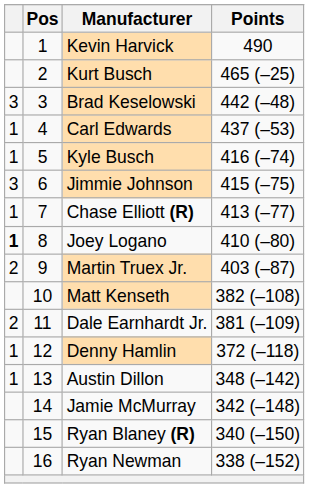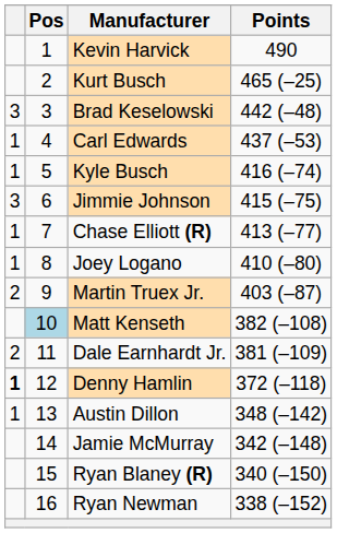 <table class="wikitable" style="font-size:95%">
 <tr>
 </tr>
 <tr>
 <th></th>
 <th>Pos</th>
 <th>Manufacturer</th>
 <th>Points</th>
 </tr>
 <tr>
 <td align="left"></td>
 <td style="text-align:center;">1</td>
 <td style="background:#FFDEAD;">Kevin Harvick</td>
 <td style="text-align:center;">490</td>
 </tr>
 <tr>
 <td align="left"></td>
 <td style="text-align:center;">2</td>
 <td style="background:#FFDEAD;">Kurt Busch</td>
 <td style="text-align:center;">465 (–25)</td>
 </tr>
 <tr>
 <td align="left"> 3</td>
 <td style="text-align:center;">3</td>
 <td style="background:#FFDEAD;">Brad Keselowski</td>
 <td style="text-align:center;">442 (–48)</td>
 </tr>
 <tr>
 <td align="left"> 1</td>
 <td style="text-align:center;">4</td>
 <td style="background:#FFDEAD;">Carl Edwards</td>
 <td style="text-align:center;">437 (–53)</td>
 </tr>
 <tr>
 <td align="left"> 1</td>
 <td style="text-align:center;">5</td>
 <td style="background:#FFDEAD;">Kyle Busch</td>
 <td style="text-align:center;">416 (–74)</td>
 </tr>
 <tr>
 <td align="left"> 3</td>
 <td style="text-align:center;">6</td>
 <td style="background:#FFDEAD;">Jimmie Johnson</td>
 <td style="text-align:center;">415 (–75)</td>
 </tr>
 <tr>
 <td align="left"> 1</td>
 <td style="text-align:center;">7</td>
 <td>Chase Elliott <strong>(R)</strong></td>
 <td style="text-align:center;">413 (–77)</td>
 </tr>
 <tr>
-<td align="left"><strong> 1</strong></td>
+<td align="left"> 1</td>
 <td style="text-align:center;">8</td>
 <td>Joey Logano</td>
 <td style="text-align:center;">410 (–80)</td>
 </tr>
 <tr>
 <td align="left"> 2</td>
 <td style="text-align:center;">9</td>
 <td style="background:#FFDEAD;">Martin Truex Jr.</td>
 <td style="text-align:center;">403 (–87)</td>
 </tr>
 <tr>
 <td align="left"></td>
-<td style="text-align:center;">10</td>
+<td style="background: lightblue; text-align:center;">10</td>
 <td style="background:#FFDEAD;">Matt Kenseth</td>
 <td style="text-align:center;">382 (–108)</td>
 </tr>
 <tr>
 <td align="left"> 2</td>
 <td style="text-align:center;">11</td>
 <td>Dale Earnhardt Jr.</td>
 <td style="text-align:center;">381 (–109)</td>
 </tr>
 <tr>
-<td align="left"> 1</td>
+<td align="left"><strong> 1</strong></td>
 <td style="text-align:center;">12</td>
 <td style="background:#FFDEAD;">Denny Hamlin</td>
 <td style="text-align:center;">372 (–118)</td>
 </tr>
 <tr>
 <td align="left"> 1</td>
 <td style="text-align:center;">13</td>
 <td>Austin Dillon</td>
 <td style="text-align:center;">348 (–142)</td>
 </tr>
 <tr>
 <td align="left"></td>
 <td style="text-align:center;">14</td>
 <td>Jamie McMurray</td>
 <td style="text-align:center;">342 (–148)</td>
 </tr>
 <tr>
 <td align="left"></td>
 <td style="text-align:center;">15</td>
 <td>Ryan Blaney <strong>(R)</strong></td>
 <td style="text-align:center;">340 (–150)</td>
 </tr>
 <tr>
 <td align="left"></td>
 <td style="text-align:center;">16</td>
 <td>Ryan Newman</td>
 <td style="text-align:center;">338 (–152)</td>
 </tr>
 <tr class="sortbottom">
 <th colspan="8"></th>
 </tr>
 </table>
